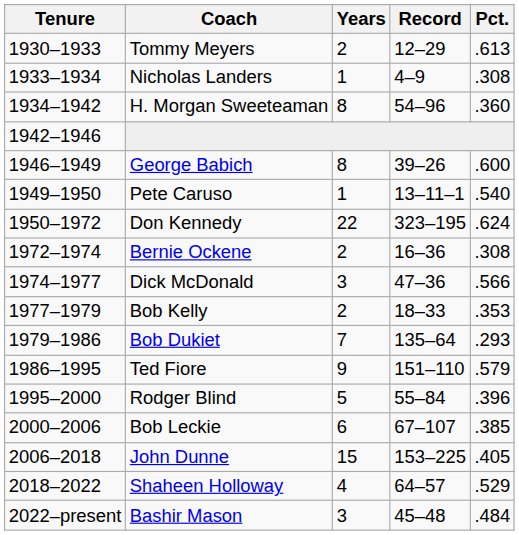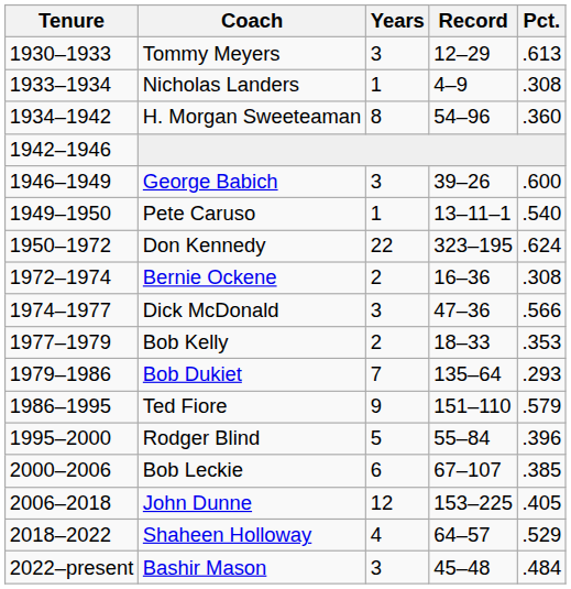 <table class="wikitable">
 <tr>
 <th>Tenure</th>
 <th>Coach</th>
 <th>Years</th>
 <th>Record</th>
 <th>Pct.</th>
 </tr>
 <tr>
 <td>1930–1933</td>
 <td>Tommy Meyers</td>
-<td>2</td>
+<td>3</td>
 <td>12–29</td>
 <td>.613</td>
 </tr>
 <tr>
 <td>1933–1934</td>
 <td>Nicholas Landers</td>
 <td>1</td>
 <td>4–9</td>
 <td>.308</td>
 </tr>
 <tr>
 <td>1934–1942</td>
 <td>H. Morgan Sweeteaman</td>
 <td>8</td>
 <td>54–96</td>
 <td>.360</td>
 </tr>
 <tr>
 <td>1942–1946</td>
 <td colspan=4 style=background:#efefef></td>
 </tr>
 <tr>
 <td>1946–1949</td>
 <td><a href='#'>George Babich</a></td>
-<td>8</td>
+<td>3</td>
 <td>39–26</td>
 <td>.600</td>
 </tr>
 <tr>
 <td>1949–1950</td>
 <td>Pete Caruso</td>
 <td>1</td>
 <td>13–11–1</td>
 <td>.540</td>
 </tr>
 <tr>
 <td>1950–1972</td>
 <td>Don Kennedy</td>
 <td>22</td>
 <td>323–195</td>
 <td>.624</td>
 </tr>
 <tr>
 <td>1972–1974</td>
 <td><a href='#'>Bernie Ockene</a></td>
 <td>2</td>
 <td>16–36</td>
 <td>.308</td>
 </tr>
 <tr>
 <td>1974–1977</td>
 <td>Dick McDonald</td>
 <td>3</td>
 <td>47–36</td>
 <td>.566</td>
 </tr>
 <tr>
 <td>1977–1979</td>
 <td>Bob Kelly</td>
 <td>2</td>
 <td>18–33</td>
 <td>.353</td>
 </tr>
 <tr>
 <td>1979–1986</td>
 <td><a href='#'>Bob Dukiet</a></td>
 <td>7</td>
 <td>135–64</td>
 <td>.293</td>
 </tr>
 <tr>
 <td>1986–1995</td>
 <td>Ted Fiore</td>
 <td>9</td>
 <td>151–110</td>
 <td>.579</td>
 </tr>
 <tr>
 <td>1995–2000</td>
 <td>Rodger Blind</td>
 <td>5</td>
 <td>55–84</td>
 <td>.396</td>
 </tr>
 <tr>
 <td>2000–2006</td>
 <td>Bob Leckie</td>
 <td>6</td>
 <td>67–107</td>
 <td>.385</td>
 </tr>
 <tr>
 <td>2006–2018</td>
 <td><a href='#'>John Dunne</a></td>
-<td>15</td>
+<td>12</td>
 <td>153–225</td>
 <td>.405</td>
 </tr>
 <tr>
 <td>2018–2022</td>
 <td><a href='#'>Shaheen Holloway</a></td>
 <td>4</td>
 <td>64–57</td>
 <td>.529</td>
 </tr>
 <tr>
 <td>2022–present</td>
 <td><a href='#'>Bashir Mason</a></td>
 <td>3</td>
 <td>45–48</td>
 <td>.484</td>
 </tr>
 </table>
